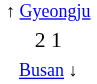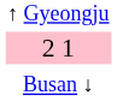 <table style="text-align:center;">
 <tr>
 <td><small>↑ <a href='#'>Gyeongju</a></small></td>
 </tr>
 <tr>
-<td><span>2</span>     <span>1</span></td>
+<td style="background: pink;"><span>2</span>     <span>1</span></td>
 </tr>
 <tr>
 <td><small><a href='#'>Busan</a> ↓</small></td>
 </tr>
 </table>
